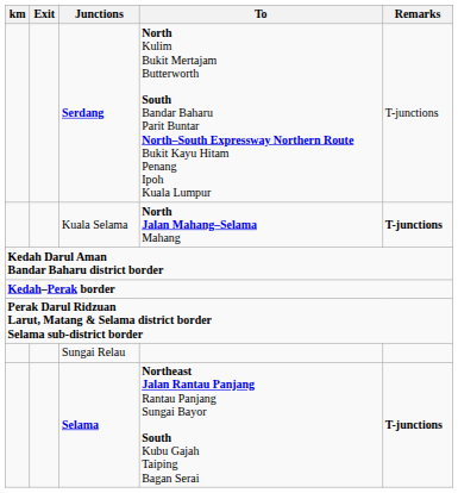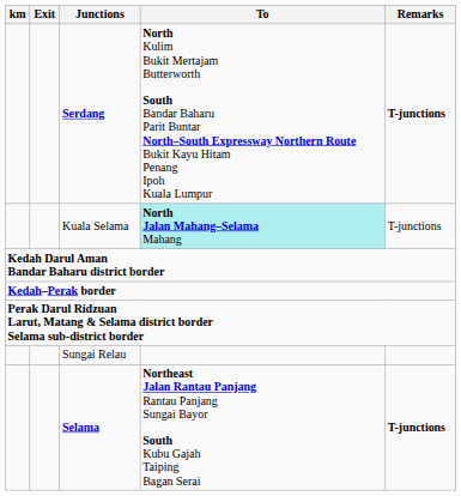 <table class="wikitable">
 <tr>
 <th>km</th>
 <th>Exit</th>
 <th>Junctions</th>
 <th>To</th>
 <th>Remarks</th>
 </tr>
 <tr>
 <td></td>
 <td></td>
 <td><strong><a href='#'>Serdang</a></strong></td>
 <td><strong>North</strong><br> Kulim<br> Bukit Mertajam<br> Butterworth<br><br><strong>South </strong><br> Bandar Baharu<br> Parit Buntar<br>  <strong><a href='#'>North–South Expressway Northern Route</a></strong><br>Bukit Kayu Hitam<br>Penang<br>Ipoh<br>Kuala Lumpur</td>
-<td>T-junctions</td>
+<td><strong>T-junctions</strong></td>
 </tr>
 <tr>
 <td></td>
 <td></td>
 <td>Kuala Selama</td>
-<td><strong>North</strong><br> <strong><a href='#'>Jalan Mahang–Selama</a></strong><br>Mahang</td>
-<td><strong>T-junctions</strong></td>
+<td style="background: paleturquoise;"><strong>North</strong><br> <strong><a href='#'>Jalan Mahang–Selama</a></strong><br>Mahang</td>
+<td>T-junctions</td>
 </tr>
 <tr>
 <td style="width:600px" colspan="6" style="text-align:center; background:blue;"><strong><span>Kedah Darul Aman<br>Bandar Baharu district border</span></strong></td>
 </tr>
 <tr>
 <td style="width:600px" colspan="6" style="text-align:center; background:yellow;"><strong><span><a href='#'>Kedah</a>–<a href='#'>Perak</a> border</span></strong></td>
 </tr>
 <tr>
 <td style="width:600px" colspan="6" style="text-align:center; background:blue;"><strong><span>Perak Darul Ridzuan<br>Larut, Matang & Selama district border<br>Selama sub-district border</span></strong></td>
 </tr>
 <tr>
 <td></td>
 <td></td>
 <td>Sungai Relau</td>
 <td></td>
 <td></td>
 </tr>
 <tr>
 <td></td>
 <td></td>
 <td><strong><a href='#'>Selama</a></strong></td>
 <td><strong>Northeast</strong><br> <strong><a href='#'>Jalan Rantau Panjang</a></strong><br>Rantau Panjang<br>Sungai Bayor<br><br><strong>South </strong><br> Kubu Gajah<br> Taiping<br> Bagan Serai</td>
 <td><strong>T-junctions</strong></td>
 </tr>
 </table>
